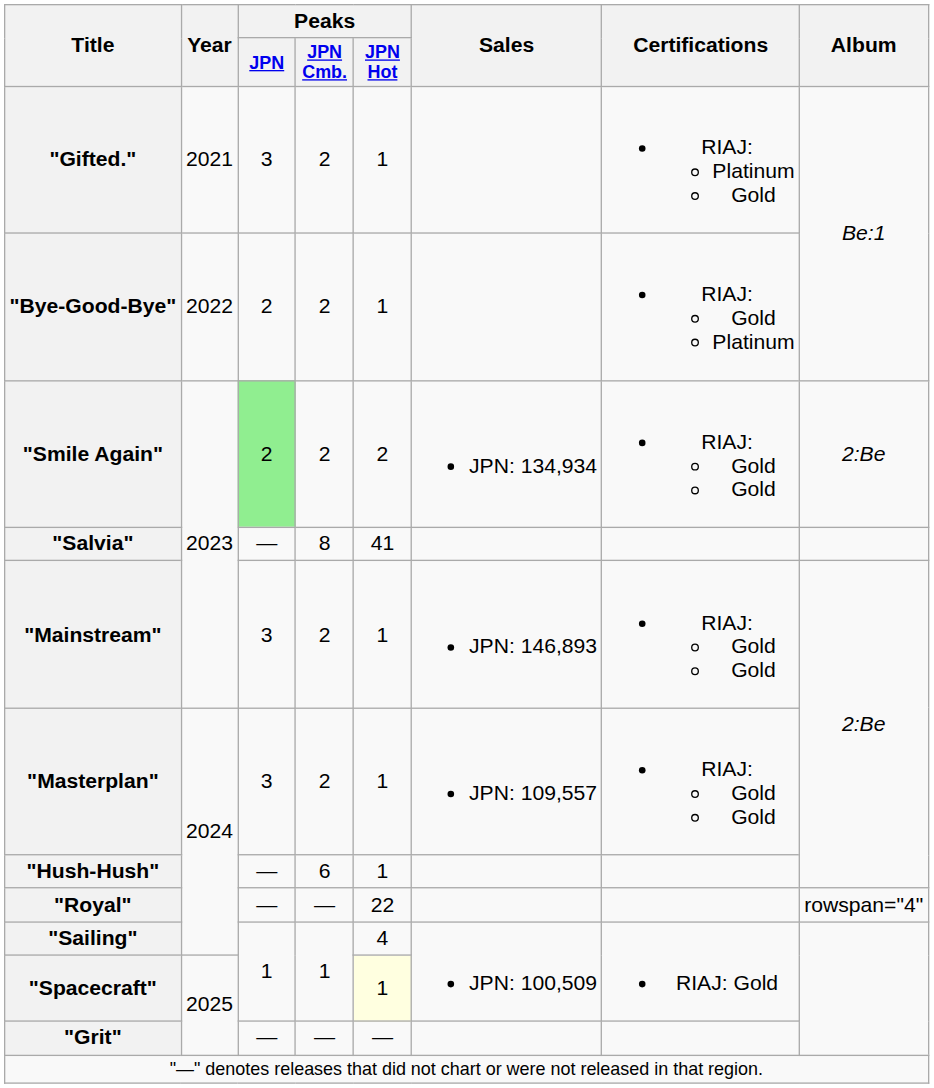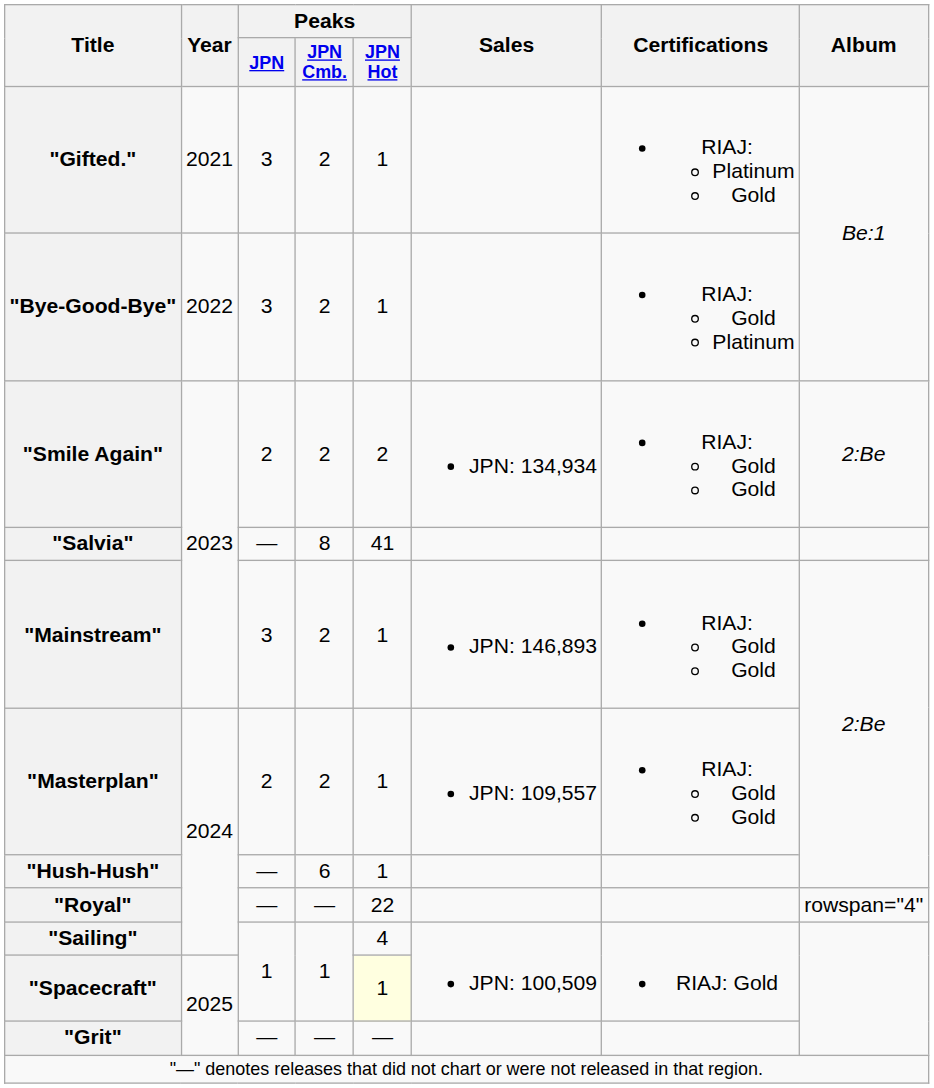 <table class="wikitable plainrowheaders" style="text-align:center;">
 <tr>
 <th scope="col" rowspan="2">Title</th>
 <th scope="col" rowspan="2">Year</th>
 <th scope="col" colspan="3">Peaks</th>
 <th scope="col" rowspan="2">Sales</th>
 <th scope="col" rowspan="2">Certifications</th>
 <th scope="col" rowspan="2">Album</th>
 </tr>
 <tr>
 <th scope="col" style="width:2.75em;font-size:85%;"><a href='#'>JPN</a><br></th>
 <th scope="col" style="width:2.75em;font-size:85%;"><a href='#'>JPN<br>Cmb.</a><br></th>
 <th scope="col" style="width:2.75em;font-size:85%;"><a href='#'>JPN<br>Hot</a><br></th>
 </tr>
 <tr>
 <th scope="row">"Gifted."</th>
 <td>2021</td>
 <td>3</td>
 <td>2</td>
 <td>1</td>
 <td></td>
 <td><br><ul><li>RIAJ:<ul><li>Platinum </li><li>Gold </li></ul></li></ul></td>
 <td rowspan="2"><em>Be:1</em></td>
 </tr>
 <tr>
 <th scope="row">"Bye-Good-Bye"</th>
 <td>2022</td>
-<td>2</td>
+<td>3</td>
 <td>2</td>
 <td>1</td>
 <td></td>
 <td><br><ul><li>RIAJ:<ul><li>Gold </li><li>Platinum </li></ul></li></ul></td>
 </tr>
 <tr>
 <th scope="row">"Smile Again"</th>
 <td rowspan="3">2023</td>
-<td style="background: lightgreen;">2</td>
+<td>2</td>
 <td>2</td>
 <td>2</td>
 <td><br><ul><li>JPN: 134,934</li></ul></td>
 <td><br><ul><li>RIAJ:<ul><li>Gold </li><li>Gold </li></ul></li></ul></td>
 <td><em>2:Be</em></td>
 </tr>
 <tr>
 <th scope="row">"Salvia"</th>
 <td>—</td>
 <td>8</td>
 <td>41</td>
 <td></td>
 <td></td>
 <td></td>
 </tr>
 <tr>
 <th scope="row">"Mainstream"</th>
 <td>3</td>
 <td>2</td>
 <td>1</td>
 <td><br><ul><li>JPN: 146,893</li></ul></td>
 <td><br><ul><li>RIAJ:<ul><li>Gold </li><li>Gold </li></ul></li></ul></td>
 <td rowspan="3"><em>2:Be</em></td>
 </tr>
 <tr>
 <th scope="row">"Masterplan"</th>
 <td rowspan="4">2024</td>
-<td>3</td>
+<td>2</td>
 <td>2</td>
 <td>1</td>
 <td><br><ul><li>JPN: 109,557</li></ul></td>
 <td><br><ul><li>RIAJ:<ul><li>Gold </li><li>Gold </li></ul></li></ul></td>
 </tr>
 <tr>
 <th scope="row">"Hush-Hush"<br></th>
 <td>—</td>
 <td>6</td>
 <td>1</td>
 <td></td>
 <td></td>
 </tr>
 <tr>
 <th scope="row">"Royal"<br></th>
 <td>—</td>
 <td>—</td>
 <td>22</td>
 <td></td>
 <td></td>
 <td>rowspan="4" </td>
 </tr>
 <tr>
 <th scope="row">"Sailing"</th>
 <td rowspan="2">1</td>
 <td rowspan="2">1</td>
 <td>4</td>
 <td rowspan="2"><br><ul><li>JPN: 100,509</li></ul></td>
 <td rowspan="2"><br><ul><li>RIAJ: Gold </li></ul></td>
 </tr>
 <tr>
 <th scope="row">"Spacecraft"</th>
 <td rowspan="2">2025</td>
 <td style="background: lightyellow;">1</td>
 </tr>
 <tr>
 <th scope="row">"Grit"</th>
 <td>—</td>
 <td>—</td>
 <td>—</td>
 <td></td>
 <td></td>
 </tr>
 <tr>
 <td colspan="8" style="font-size:85%">"—" denotes releases that did not chart or were not released in that region.</td>
 </tr>
 </table>
